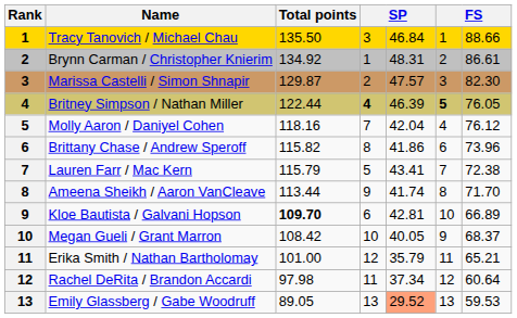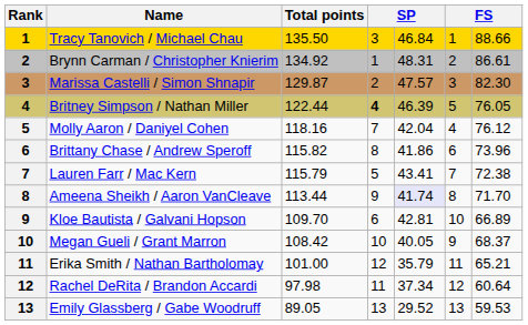 <table class="wikitable sortable">
 <tr>
 <th>Rank</th>
 <th>Name</th>
 <th>Total points</th>
 <th colspan="2" width="80px"><a href='#'>SP</a></th>
 <th colspan="2" width="80px"><a href='#'>FS</a></th>
 </tr>
 <tr bgcolor="gold">
 <td align="center"><strong>1</strong></td>
 <td><a href='#'>Tracy Tanovich</a> / <a href='#'>Michael Chau</a></td>
 <td>135.50</td>
 <td>3</td>
 <td>46.84</td>
 <td>1</td>
 <td>88.66</td>
 </tr>
 <tr bgcolor="silver">
 <td align="center"><strong>2</strong></td>
 <td>Brynn Carman / <a href='#'>Christopher Knierim</a></td>
 <td>134.92</td>
 <td>1</td>
 <td>48.31</td>
 <td>2</td>
 <td>86.61</td>
 </tr>
 <tr bgcolor="cc9966">
 <td align="center"><strong>3</strong></td>
 <td><a href='#'>Marissa Castelli</a> / <a href='#'>Simon Shnapir</a></td>
 <td>129.87</td>
 <td>2</td>
 <td>47.57</td>
 <td>3</td>
 <td>82.30</td>
 </tr>
 <tr bgcolor="#d1c571">
 <td align="center"><strong>4</strong></td>
 <td><a href='#'>Britney Simpson</a> / Nathan Miller</td>
 <td>122.44</td>
 <td><strong>4</strong></td>
 <td>46.39</td>
-<td><strong>5</strong></td>
+<td>5</td>
 <td>76.05</td>
 </tr>
 <tr>
 <th>5</th>
 <td><a href='#'>Molly Aaron</a> / <a href='#'>Daniyel Cohen</a></td>
 <td>118.16</td>
 <td>7</td>
 <td>42.04</td>
 <td>4</td>
 <td>76.12</td>
 </tr>
 <tr>
 <th>6</th>
 <td><a href='#'>Brittany Chase</a> / <a href='#'>Andrew Speroff</a></td>
 <td>115.82</td>
 <td>8</td>
 <td>41.86</td>
 <td>6</td>
 <td>73.96</td>
 </tr>
 <tr>
 <th>7</th>
 <td><a href='#'>Lauren Farr</a> / <a href='#'>Mac Kern</a></td>
 <td>115.79</td>
 <td>5</td>
 <td>43.41</td>
 <td>7</td>
 <td>72.38</td>
 </tr>
 <tr>
 <th>8</th>
 <td><a href='#'>Ameena Sheikh</a> / <a href='#'>Aaron VanCleave</a></td>
 <td>113.44</td>
 <td>9</td>
-<td>41.74</td>
+<td style="background: lavender;">41.74</td>
 <td>8</td>
 <td>71.70</td>
 </tr>
 <tr>
 <th>9</th>
 <td><a href='#'>Kloe Bautista</a> / <a href='#'>Galvani Hopson</a></td>
-<td><strong>109.70</strong></td>
+<td>109.70</td>
 <td>6</td>
 <td>42.81</td>
 <td>10</td>
 <td>66.89</td>
 </tr>
 <tr>
 <th>10</th>
 <td><a href='#'>Megan Gueli</a> / <a href='#'>Grant Marron</a></td>
 <td>108.42</td>
 <td>10</td>
 <td>40.05</td>
 <td>9</td>
 <td>68.37</td>
 </tr>
 <tr>
 <th>11</th>
 <td>Erika Smith / <a href='#'>Nathan Bartholomay</a></td>
 <td>101.00</td>
 <td>12</td>
 <td>35.79</td>
 <td>11</td>
 <td>65.21</td>
 </tr>
 <tr>
 <th>12</th>
 <td><a href='#'>Rachel DeRita</a> / <a href='#'>Brandon Accardi</a></td>
 <td>97.98</td>
 <td>11</td>
 <td>37.34</td>
 <td>12</td>
 <td>60.64</td>
 </tr>
 <tr>
 <th>13</th>
 <td><a href='#'>Emily Glassberg</a> / <a href='#'>Gabe Woodruff</a></td>
 <td>89.05</td>
 <td>13</td>
-<td style="background: lightsalmon;">29.52</td>
+<td>29.52</td>
 <td>13</td>
 <td>59.53</td>
 </tr>
 </table>
